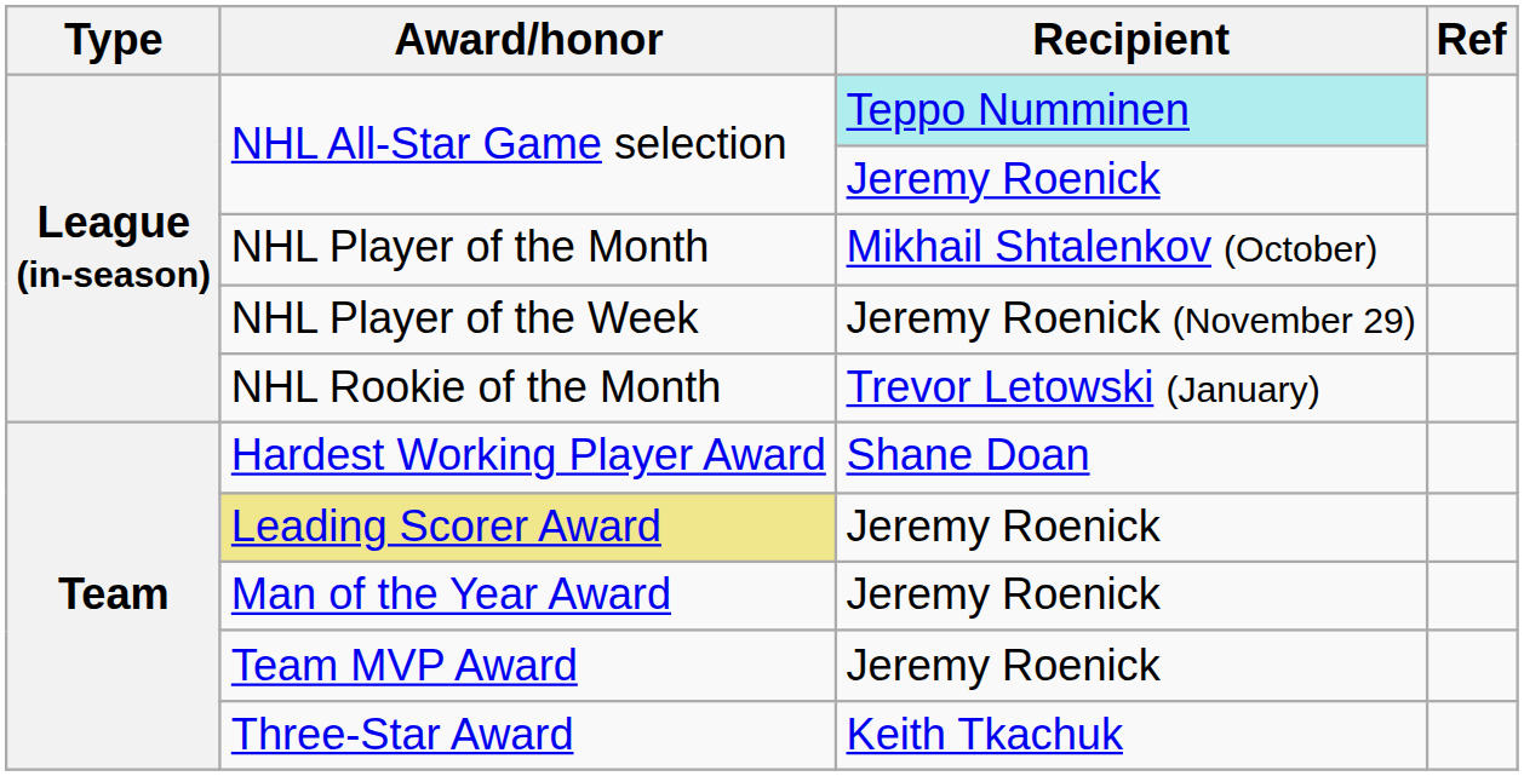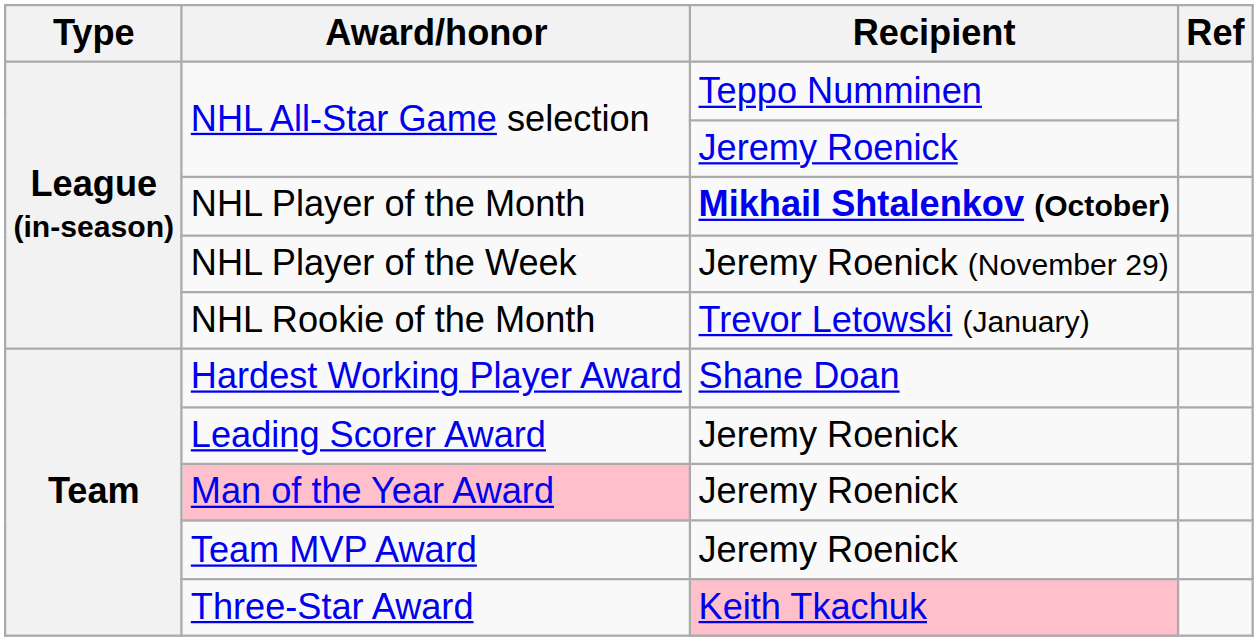 <table class="wikitable">
 <tr>
 <th scope="col">Type</th>
 <th scope="col">Award/honor</th>
 <th scope="col">Recipient</th>
 <th scope="col">Ref</th>
 </tr>
 <tr>
 <th scope="row" rowspan="5">League<br><small>(in-season)</small></th>
 <td rowspan="2"><a href='#'>NHL All-Star Game</a> selection</td>
-<td style="background: paleturquoise;"><a href='#'>Teppo Numminen</a></td>
+<td><a href='#'>Teppo Numminen</a></td>
 <td rowspan="2"></td>
 </tr>
 <tr>
 <td><a href='#'>Jeremy Roenick</a></td>
 </tr>
 <tr>
 <td>NHL Player of the Month</td>
-<td><a href='#'>Mikhail Shtalenkov</a> <small>(October)</small></td>
+<td><strong><a href='#'>Mikhail Shtalenkov</a> <small>(October)</small></strong></td>
 <td></td>
 </tr>
 <tr>
 <td>NHL Player of the Week</td>
 <td>Jeremy Roenick <small>(November 29)</small></td>
 <td></td>
 </tr>
 <tr>
 <td>NHL Rookie of the Month</td>
 <td><a href='#'>Trevor Letowski</a> <small>(January)</small></td>
 <td></td>
 </tr>
 <tr>
 <th scope="row" rowspan="5">Team</th>
 <td><a href='#'>Hardest Working Player Award</a></td>
 <td><a href='#'>Shane Doan</a></td>
 <td></td>
 </tr>
 <tr>
-<td style="background: khaki;"><a href='#'>Leading Scorer Award</a></td>
+<td><a href='#'>Leading Scorer Award</a></td>
 <td>Jeremy Roenick</td>
 <td></td>
 </tr>
 <tr>
-<td><a href='#'>Man of the Year Award</a></td>
+<td style="background: pink;"><a href='#'>Man of the Year Award</a></td>
 <td>Jeremy Roenick</td>
 <td></td>
 </tr>
 <tr>
 <td><a href='#'>Team MVP Award</a></td>
 <td>Jeremy Roenick</td>
 <td></td>
 </tr>
 <tr>
 <td><a href='#'>Three-Star Award</a></td>
-<td><a href='#'>Keith Tkachuk</a></td>
+<td style="background: pink;"><a href='#'>Keith Tkachuk</a></td>
 <td></td>
 </tr>
 </table>
